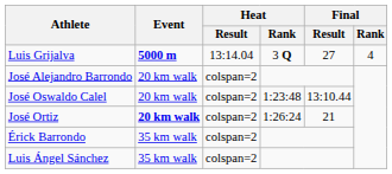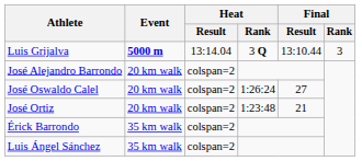 <table class=wikitable style=font-size:90%>
 <tr>
 <th rowspan=2>Athlete</th>
 <th rowspan=2>Event</th>
 <th colspan=2>Heat</th>
 <th colspan=2>Final</th>
 </tr>
 <tr style=font-size:95%>
 <th>Result</th>
 <th>Rank</th>
 <th>Result</th>
 <th>Rank</th>
 </tr>
 <tr align=center>
 <td align=left><a href='#'>Luis Grijalva</a></td>
 <td align=left><strong><a href='#'>5000 m</a></strong></td>
 <td>13:14.04</td>
 <td>3 <strong>Q</strong></td>
-<td>27</td>
-<td>4</td>
+<td>13:10.44</td>
+<td>3</td>
 </tr>
 <tr align=center>
 <td align=left><a href='#'>José Alejandro Barrondo</a></td>
 <td align=left><a href='#'>20 km walk</a></td>
 <td>colspan=2</td>
 <td colspan=2></td>
 </tr>
 <tr align=center>
 <td align=left><a href='#'>José Oswaldo Calel</a></td>
 <td align=left><a href='#'>20 km walk</a></td>
 <td>colspan=2</td>
-<td>1:23:48</td>
-<td>13:10.44</td>
+<td>1:26:24</td>
+<td>27</td>
 </tr>
 <tr align=center>
 <td align=left><a href='#'>José Ortiz</a></td>
-<td align=left><strong><a href='#'>20 km walk</a></strong></td>
+<td align=left><a href='#'>20 km walk</a></td>
 <td>colspan=2</td>
-<td>1:26:24</td>
+<td>1:23:48</td>
 <td>21</td>
 </tr>
 <tr align=center>
 <td align=left><a href='#'>Érick Barrondo</a></td>
 <td align=left><a href='#'>35 km walk</a></td>
 <td>colspan=2</td>
 <td colspan=2></td>
 </tr>
 <tr align=center>
 <td align=left><a href='#'>Luis Ángel Sánchez</a></td>
 <td align=left><a href='#'>35 km walk</a></td>
 <td>colspan=2</td>
 <td colspan=2></td>
 </tr>
 </table>
